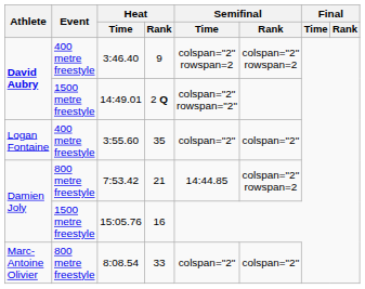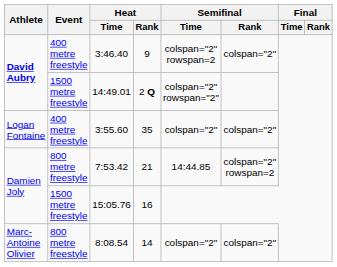 <table class="wikitable" style="text-align:center; font-size:90%; width:50%;">
 <tr>
 <th rowspan="2">Athlete</th>
 <th rowspan="2">Event</th>
 <th colspan="2">Heat</th>
 <th colspan="2">Semifinal</th>
 <th colspan="2">Final</th>
 </tr>
 <tr style="font-size:95%">
 <th>Time</th>
 <th>Rank</th>
 <th>Time</th>
 <th>Rank</th>
 <th>Time</th>
 <th>Rank</th>
 </tr>
 <tr align=center>
 <td align=left rowspan=2><strong><a href='#'>David Aubry</a></strong></td>
 <td align=left><a href='#'>400 metre freestyle</a></td>
 <td>3:46.40</td>
 <td>9</td>
 <td>colspan="2" rowspan=2 </td>
-<td>colspan="2" rowspan=2 </td>
+<td>colspan="2"   </td>
 </tr>
 <tr align=center>
 <td align=left><a href='#'>1500 metre freestyle</a></td>
 <td>14:49.01</td>
 <td>2 <strong>Q</strong></td>
 <td>colspan="2" rowspan="2" </td>
 <td></td>
 </tr>
 <tr align=center>
 <td align=left><a href='#'>Logan Fontaine</a></td>
 <td align=left><a href='#'>400 metre freestyle</a></td>
 <td>3:55.60</td>
 <td>35</td>
 <td>colspan="2"  </td>
 <td>colspan="2"  </td>
 </tr>
 <tr align=center>
 <td align=left rowspan="2"><a href='#'>Damien Joly</a></td>
 <td align=left><a href='#'>800 metre freestyle</a></td>
 <td>7:53.42</td>
 <td>21</td>
 <td>14:44.85</td>
 <td>colspan="2" rowspan=2 </td>
 </tr>
 <tr align=center>
 <td align=left><a href='#'>1500 metre freestyle</a></td>
 <td>15:05.76</td>
 <td>16</td>
 </tr>
 <tr align=center>
 <td align=left><a href='#'>Marc-Antoine Olivier</a></td>
 <td align=left><a href='#'>800 metre freestyle</a></td>
 <td>8:08.54</td>
-<td>33</td>
+<td>14</td>
 <td>colspan="2"   </td>
 <td>colspan="2"   </td>
 </tr>
 </table>
